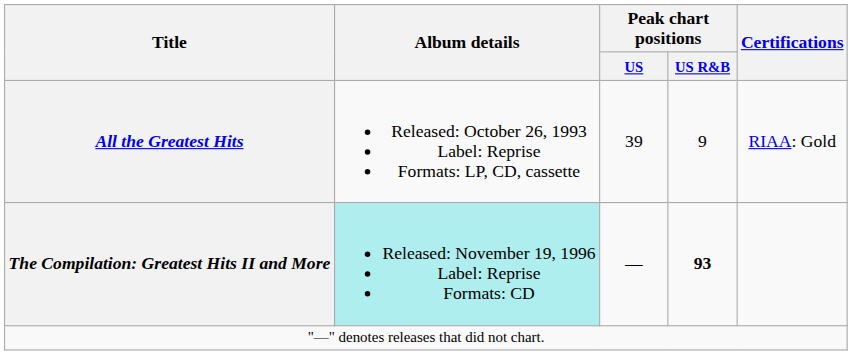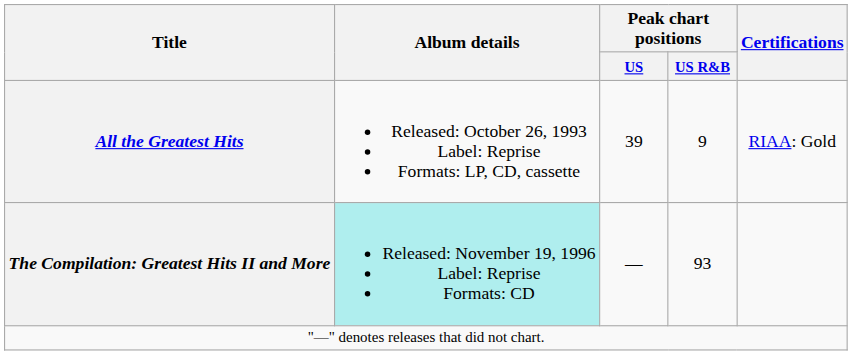 <table class="wikitable plainrowheaders" style="text-align:center">
 <tr>
 <th scope="col" rowspan="2">Title</th>
 <th scope="col" rowspan="2">Album details</th>
 <th scope="col" colspan="2">Peak chart positions</th>
 <th scope="col" rowspan="2"><a href='#'>Certifications</a></th>
 </tr>
 <tr>
 <th width=55><small><a href='#'>US</a></small><br></th>
 <th width=55><small><a href='#'>US R&B</a></small><br></th>
 </tr>
 <tr>
 <th scope="row"><em><a href='#'>All the Greatest Hits</a></em></th>
 <td><br><ul><li>Released: October 26, 1993</li><li>Label: Reprise</li><li>Formats: LP, CD, cassette</li></ul></td>
 <td>39</td>
 <td>9</td>
 <td><a href='#'>RIAA</a>: Gold</td>
 </tr>
 <tr>
 <th scope="row"><em>The Compilation: Greatest Hits II and More</em></th>
 <td style="background: paleturquoise;"><br><ul><li>Released: November 19, 1996</li><li>Label: Reprise</li><li>Formats: CD</li></ul></td>
 <td>—</td>
-<td><strong>93</strong></td>
+<td>93</td>
 </tr>
 <tr>
 <td colspan="5" style="font-size:85%">"—" denotes releases that did not chart.</td>
 </tr>
 </table>
